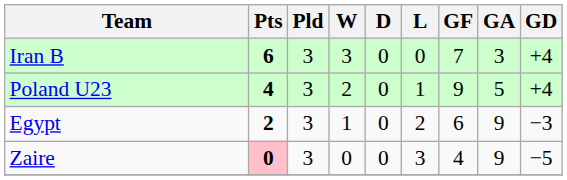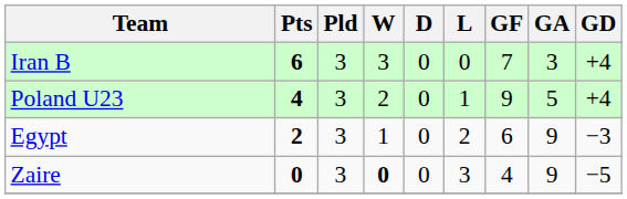 <table class="wikitable" style="text-align:center;">
 <tr>
 <th width=175>Team</th>
 <th width=20 abbr="Points">Pts</th>
 <th width=20 abbr="Played">Pld</th>
 <th width=20 abbr="Won">W</th>
 <th width=20 abbr="Drawn">D</th>
 <th width=20 abbr="Lost">L</th>
 <th width=20 abbr="Goals for">GF</th>
 <th width=20 abbr="Goals against">GA</th>
 <th width=20 abbr="Goal difference">GD</th>
 </tr>
 <tr bgcolor=#CCFFCC>
 <td style="text-align:left;"> <a href='#'>Iran B</a></td>
 <td><strong>6</strong></td>
 <td>3</td>
 <td>3</td>
 <td>0</td>
 <td>0</td>
 <td>7</td>
 <td>3</td>
 <td>+4</td>
 </tr>
 <tr bgcolor=#CCFFCC>
 <td style="text-align:left;"> <a href='#'>Poland U23</a></td>
 <td><strong>4</strong></td>
 <td>3</td>
 <td>2</td>
 <td>0</td>
 <td>1</td>
 <td>9</td>
 <td>5</td>
 <td>+4</td>
 </tr>
 <tr>
 <td style="text-align:left;"> <a href='#'>Egypt</a></td>
 <td><strong>2</strong></td>
 <td>3</td>
 <td>1</td>
 <td>0</td>
 <td>2</td>
 <td>6</td>
 <td>9</td>
 <td>−3</td>
 </tr>
 <tr>
 <td style="text-align:left;"> <a href='#'>Zaire</a></td>
-<td style="background: pink;"><strong>0</strong></td>
+<td><strong>0</strong></td>
 <td>3</td>
-<td>0</td>
+<td><strong>0</strong></td>
 <td>0</td>
 <td>3</td>
 <td>4</td>
 <td>9</td>
 <td>−5</td>
 </tr>
 <tr>
 </tr>
 </table>
